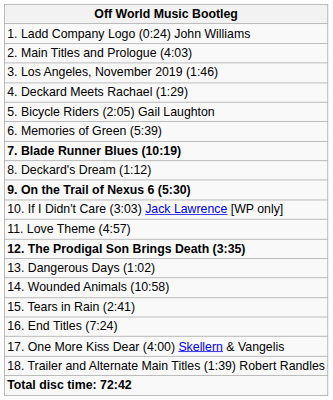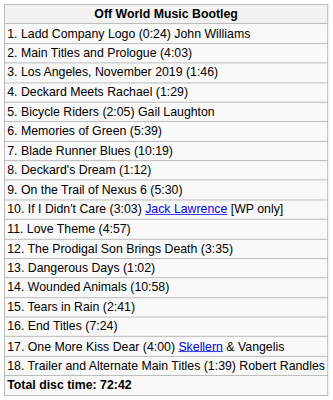 <table class="wikitable">
 <tr>
 <th>Off World Music Bootleg</th>
 </tr>
 <tr>
 <td>1. Ladd Company Logo (0:24) John Williams</td>
 </tr>
 <tr>
 <td>2. Main Titles and Prologue (4:03)</td>
 </tr>
 <tr>
 <td>3. Los Angeles, November 2019 (1:46)</td>
 </tr>
 <tr>
 <td>4. Deckard Meets Rachael (1:29)</td>
 </tr>
 <tr>
 <td>5. Bicycle Riders (2:05) Gail Laughton</td>
 </tr>
 <tr>
 <td>6. Memories of Green (5:39)</td>
 </tr>
 <tr>
-<td><strong>7. Blade Runner Blues (10:19)</strong></td>
+<td>7. Blade Runner Blues (10:19)</td>
 </tr>
 <tr>
 <td>8. Deckard's Dream (1:12)</td>
 </tr>
 <tr>
-<td><strong>9. On the Trail of Nexus 6 (5:30)</strong></td>
+<td>9. On the Trail of Nexus 6 (5:30)</td>
 </tr>
 <tr>
 <td>10. If I Didn't Care (3:03) <a href='#'>Jack Lawrence</a> [WP only]</td>
 </tr>
 <tr>
 <td>11. Love Theme (4:57)</td>
 </tr>
 <tr>
-<td><strong>12. The Prodigal Son Brings Death (3:35)</strong></td>
+<td>12. The Prodigal Son Brings Death (3:35)</td>
 </tr>
 <tr>
 <td>13. Dangerous Days (1:02)</td>
 </tr>
 <tr>
 <td>14. Wounded Animals (10:58)</td>
 </tr>
 <tr>
 <td>15. Tears in Rain (2:41)</td>
 </tr>
 <tr>
 <td>16. End Titles (7:24)</td>
 </tr>
 <tr>
 <td>17. One More Kiss Dear (4:00) <a href='#'>Skellern</a> & Vangelis</td>
 </tr>
 <tr>
 <td>18. Trailer and Alternate Main Titles (1:39) Robert Randles</td>
 </tr>
 <tr>
 <td><strong>Total disc time: 72:42</strong></td>
 </tr>
 </table>
